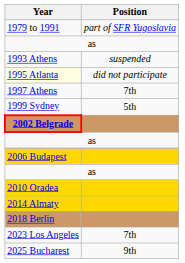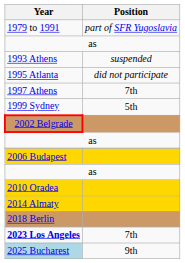 <table class="wikitable" style="text-align: center;">
 <tr>
 <th>Year</th>
 <th width="150">Position</th>
 </tr>
 <tr>
 <td style="text-align: left;"><a href='#'>1979</a> to <a href='#'>1991</a></td>
 <td colspan=4><em>part of <a href='#'>SFR Yugoslavia</a></em></td>
 </tr>
 <tr>
 <td colspan=5>as <strong></strong></td>
 </tr>
 <tr>
 <td style="text-align: left;"> <a href='#'>1993 Athens</a></td>
 <td><em>suspended</em></td>
 </tr>
 <tr>
-<td style="background: lightyellow; text-align: left;"> <a href='#'>1995 Atlanta</a></td>
+<td style="text-align: left;"> <a href='#'>1995 Atlanta</a></td>
 <td><em>did not participate</em></td>
 </tr>
 <tr>
 <td style="text-align: left;"> <a href='#'>1997 Athens</a></td>
 <td>7th</td>
 </tr>
 <tr>
 <td style="text-align: left;"> <a href='#'>1999 Sydney</a></td>
 <td>5th</td>
 </tr>
 <tr bgcolor=cc9966>
-<td style="border: 3px solid red"><strong> <a href='#'>2002 Belgrade</a></strong></td>
+<td style="border: 3px solid red"> <a href='#'>2002 Belgrade</a></td>
 <td></td>
 </tr>
 <tr>
 <td colspan=5>as <strong></strong></td>
 </tr>
 <tr>
 </tr>
 <tr bgcolor=gold>
 <td style="text-align: left;"> <a href='#'>2006 Budapest</a></td>
 <td></td>
 </tr>
 <tr>
 <td colspan=5>as <strong></strong></td>
 </tr>
 <tr bgcolor=gold>
 <td style="text-align: left;"> <a href='#'>2010 Oradea</a></td>
 <td></td>
 </tr>
 <tr bgcolor=gold>
 <td style="text-align: left;"> <a href='#'>2014 Almaty</a></td>
 <td></td>
 </tr>
 <tr bgcolor=cc9966>
 <td style="text-align: left;"> <a href='#'>2018 Berlin</a></td>
 <td></td>
 </tr>
 <tr>
-<td style="text-align: left;"> <a href='#'>2023 Los Angeles</a></td>
+<td style="text-align: left;"><strong> <a href='#'>2023 Los Angeles</a></strong></td>
 <td>7th</td>
 </tr>
 <tr>
-<td style="text-align: left;"> <a href='#'>2025 Bucharest</a></td>
+<td style="background: lightblue; text-align: left;"> <a href='#'>2025 Bucharest</a></td>
 <td>9th</td>
 </tr>
 </table>
